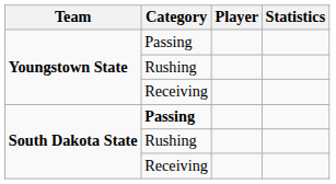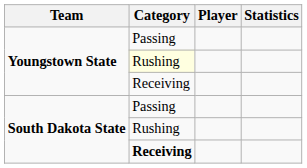 <table class="wikitable" style="float: left;">
 <tr>
 <th>Team</th>
 <th>Category</th>
 <th>Player</th>
 <th>Statistics</th>
 </tr>
 <tr>
 <td rowspan=3><strong>Youngstown State</strong></td>
 <td>Passing</td>
 <td></td>
 <td></td>
 </tr>
 <tr>
-<td>Rushing</td>
+<td style="background: lightyellow;">Rushing</td>
 <td></td>
 <td></td>
 </tr>
 <tr>
 <td>Receiving</td>
 <td></td>
 <td></td>
 </tr>
 <tr>
 <td rowspan=3><strong>South Dakota State</strong></td>
-<td><strong>Passing</strong></td>
+<td>Passing</td>
 <td></td>
 <td></td>
 </tr>
 <tr>
 <td>Rushing</td>
 <td></td>
 <td></td>
 </tr>
 <tr>
-<td>Receiving</td>
+<td><strong>Receiving</strong></td>
 <td></td>
 <td></td>
 </tr>
 </table>
